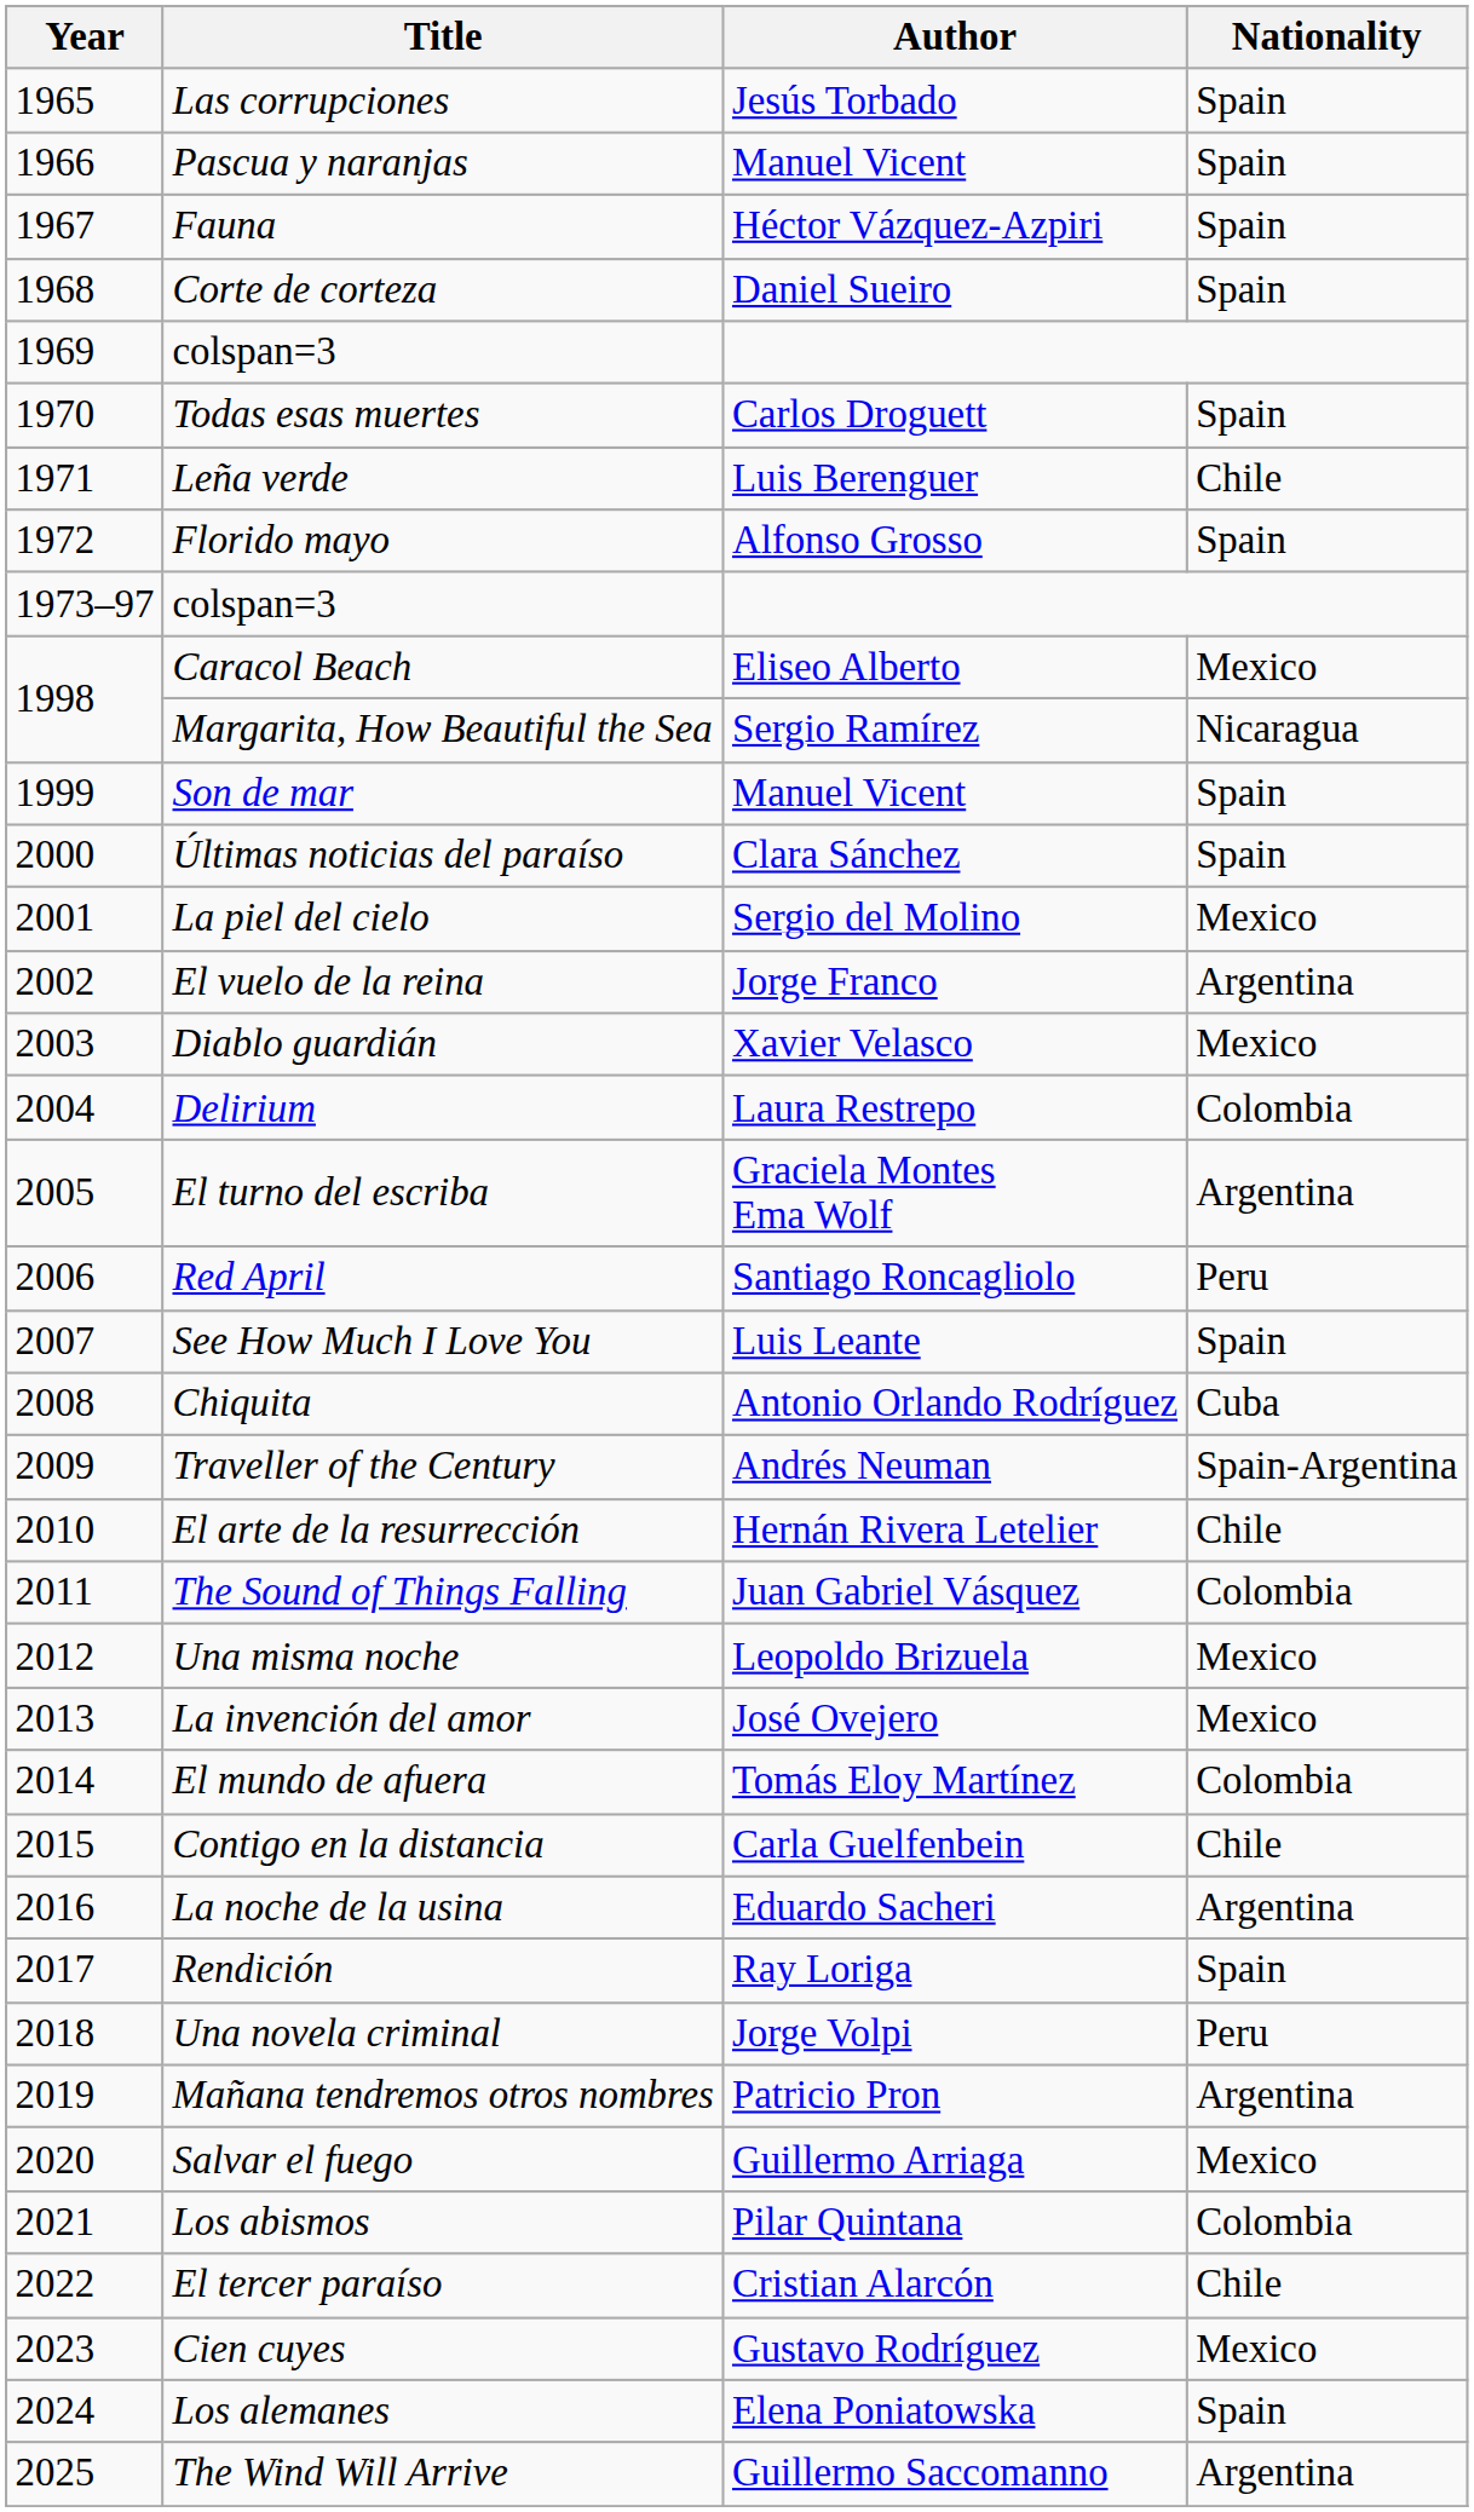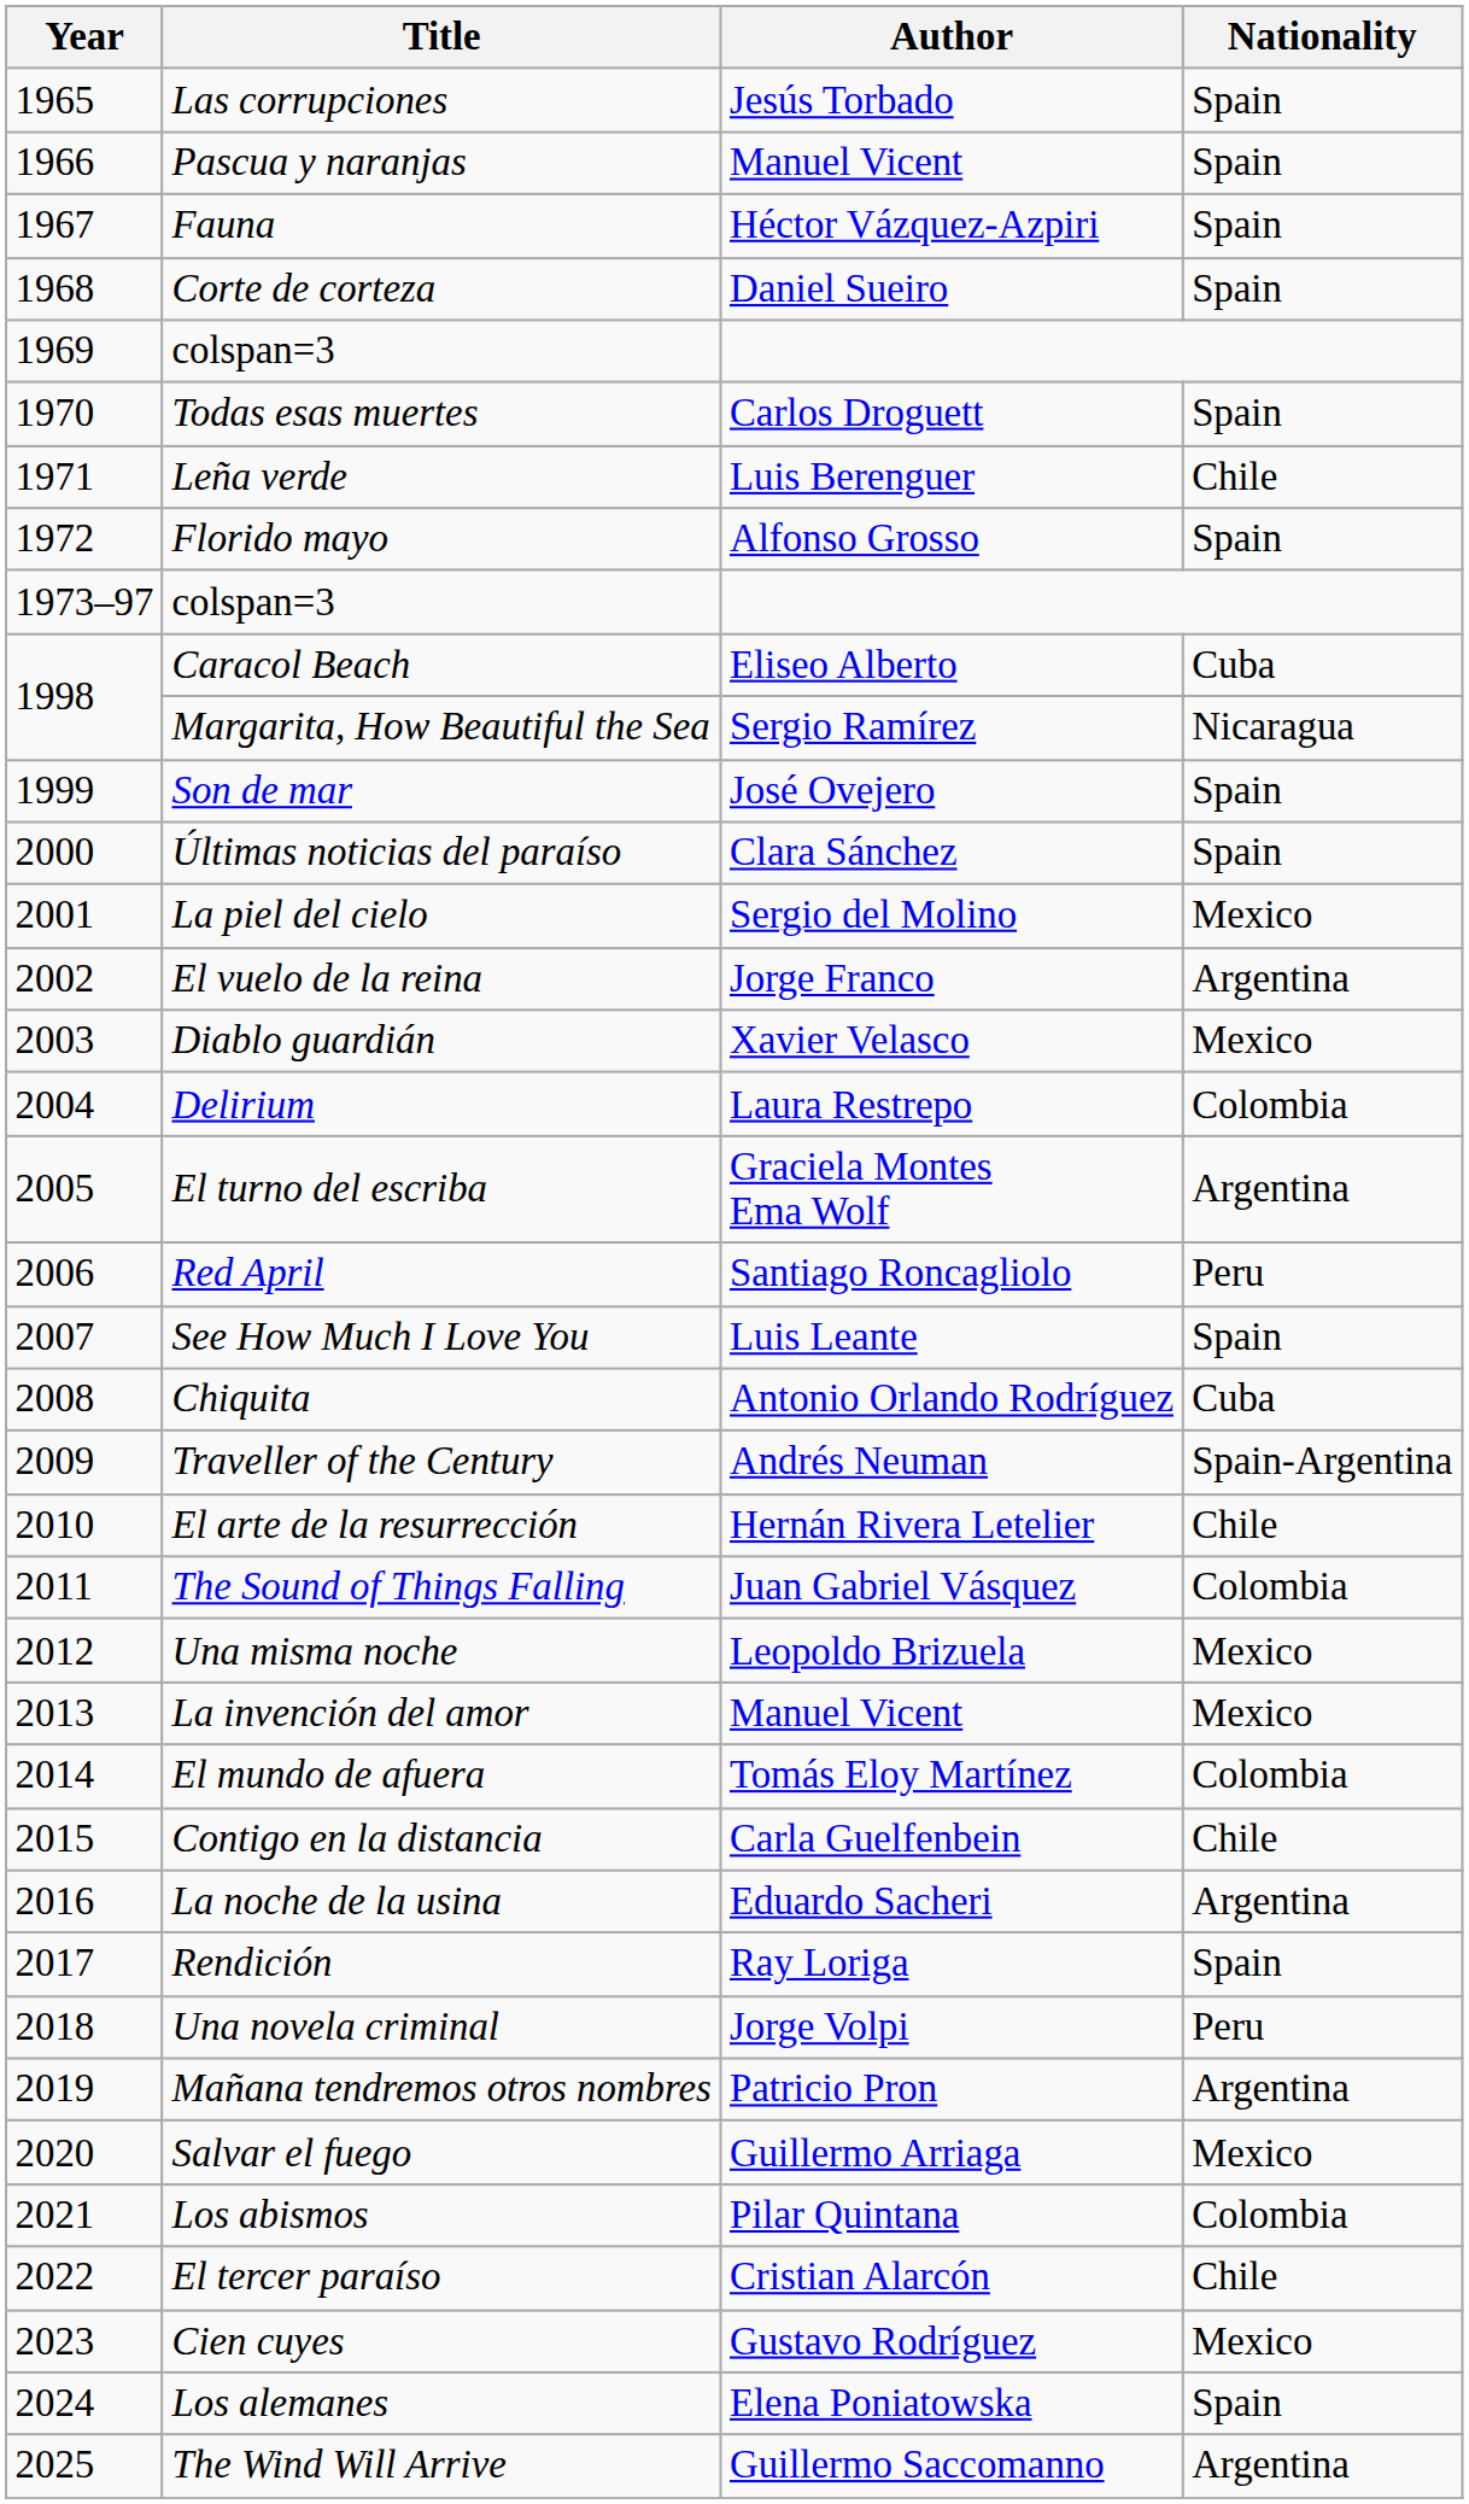 <table class="wikitable sortable">
 <tr style="background:#eee">
 <th>Year</th>
 <th>Title</th>
 <th>Author</th>
 <th>Nationality</th>
 </tr>
 <tr>
 <td>1965</td>
 <td><em>Las corrupciones</em></td>
 <td><a href='#'>Jesús Torbado</a></td>
 <td>Spain</td>
 </tr>
 <tr>
 <td>1966</td>
 <td><em>Pascua y naranjas</em></td>
 <td><a href='#'>Manuel Vicent</a></td>
 <td>Spain</td>
 </tr>
 <tr>
 <td>1967</td>
 <td><em>Fauna</em></td>
 <td><a href='#'>Héctor Vázquez-Azpiri</a></td>
 <td>Spain</td>
 </tr>
 <tr>
 <td>1968</td>
 <td><em>Corte de corteza</em></td>
 <td><a href='#'>Daniel Sueiro</a></td>
 <td>Spain</td>
 </tr>
 <tr>
 <td>1969</td>
 <td>colspan=3 </td>
 </tr>
 <tr>
 <td>1970</td>
 <td><em>Todas esas muertes</em></td>
 <td><a href='#'>Carlos Droguett</a></td>
 <td>Spain</td>
 </tr>
 <tr>
 <td>1971</td>
 <td><em>Leña verde</em></td>
 <td><a href='#'>Luis Berenguer</a></td>
 <td>Chile</td>
 </tr>
 <tr>
 <td>1972</td>
 <td><em>Florido mayo</em></td>
 <td><a href='#'>Alfonso Grosso</a></td>
 <td>Spain</td>
 </tr>
 <tr>
 <td>1973–97</td>
 <td>colspan=3 </td>
 </tr>
 <tr>
 <td rowspan=2>1998</td>
 <td><em>Caracol Beach</em></td>
 <td><a href='#'>Eliseo Alberto</a></td>
-<td>Mexico</td>
+<td>Cuba</td>
 </tr>
 <tr>
 <td><em>Margarita, How Beautiful the Sea</em></td>
 <td><a href='#'>Sergio Ramírez</a></td>
 <td>Nicaragua</td>
 </tr>
 <tr>
 <td>1999</td>
 <td><em><a href='#'>Son de mar</a></em></td>
-<td><a href='#'>Manuel Vicent</a></td>
+<td><a href='#'>José Ovejero</a></td>
 <td>Spain</td>
 </tr>
 <tr>
 <td>2000</td>
 <td><em>Últimas noticias del paraíso</em></td>
 <td><a href='#'>Clara Sánchez</a></td>
 <td>Spain</td>
 </tr>
 <tr>
 <td>2001</td>
 <td><em>La piel del cielo</em></td>
 <td><a href='#'>Sergio del Molino</a></td>
 <td>Mexico</td>
 </tr>
 <tr>
 <td>2002</td>
 <td><em>El vuelo de la reina</em></td>
 <td><a href='#'>Jorge Franco</a></td>
 <td>Argentina</td>
 </tr>
 <tr>
 <td>2003</td>
 <td><em>Diablo guardián</em></td>
 <td><a href='#'>Xavier Velasco</a></td>
 <td>Mexico</td>
 </tr>
 <tr>
 <td>2004</td>
 <td><em><a href='#'>Delirium</a></em></td>
 <td><a href='#'>Laura Restrepo</a></td>
 <td>Colombia</td>
 </tr>
 <tr>
 <td>2005</td>
 <td><em>El turno del escriba</em></td>
 <td><a href='#'>Graciela Montes</a><br><a href='#'>Ema Wolf</a></td>
 <td>Argentina</td>
 </tr>
 <tr>
 <td>2006</td>
 <td><em><a href='#'>Red April</a></em></td>
 <td><a href='#'>Santiago Roncagliolo</a></td>
 <td>Peru</td>
 </tr>
 <tr>
 <td>2007</td>
 <td><em>See How Much I Love You</em></td>
 <td><a href='#'>Luis Leante</a></td>
 <td>Spain</td>
 </tr>
 <tr>
 <td>2008</td>
 <td><em>Chiquita</em></td>
 <td><a href='#'>Antonio Orlando Rodríguez</a></td>
 <td>Cuba</td>
 </tr>
 <tr>
 <td>2009</td>
 <td><em>Traveller of the Century</em></td>
 <td><a href='#'>Andrés Neuman</a></td>
 <td>Spain-Argentina</td>
 </tr>
 <tr>
 <td>2010</td>
 <td><em>El arte de la resurrección</em></td>
 <td><a href='#'>Hernán Rivera Letelier</a></td>
 <td>Chile</td>
 </tr>
 <tr>
 <td>2011</td>
 <td><em><a href='#'>The Sound of Things Falling</a></em></td>
 <td><a href='#'>Juan Gabriel Vásquez</a></td>
 <td>Colombia</td>
 </tr>
 <tr>
 <td>2012</td>
 <td><em>Una misma noche</em></td>
 <td><a href='#'>Leopoldo Brizuela</a></td>
 <td>Mexico</td>
 </tr>
 <tr>
 <td>2013</td>
 <td><em>La invención del amor</em>  </td>
-<td><a href='#'>José Ovejero</a></td>
+<td><a href='#'>Manuel Vicent</a></td>
 <td>Mexico</td>
 </tr>
 <tr>
 <td>2014</td>
 <td><em>El mundo de afuera</em></td>
 <td><a href='#'>Tomás Eloy Martínez</a></td>
 <td>Colombia</td>
 </tr>
 <tr>
 <td>2015</td>
 <td><em>Contigo en la distancia</em></td>
 <td><a href='#'>Carla Guelfenbein</a></td>
 <td>Chile</td>
 </tr>
 <tr>
 <td>2016</td>
 <td><em>La noche de la usina</em></td>
 <td><a href='#'>Eduardo Sacheri</a></td>
 <td>Argentina</td>
 </tr>
 <tr>
 <td>2017</td>
 <td><em>Rendición</em></td>
 <td><a href='#'>Ray Loriga</a></td>
 <td>Spain</td>
 </tr>
 <tr>
 <td>2018</td>
 <td><em>Una novela criminal</em></td>
 <td><a href='#'>Jorge Volpi</a></td>
 <td>Peru</td>
 </tr>
 <tr>
 <td>2019</td>
 <td><em>Mañana tendremos otros nombres</em></td>
 <td><a href='#'>Patricio Pron</a></td>
 <td>Argentina</td>
 </tr>
 <tr>
 <td>2020</td>
 <td><em>Salvar el fuego</em></td>
 <td><a href='#'>Guillermo Arriaga</a></td>
 <td>Mexico</td>
 </tr>
 <tr>
 <td>2021</td>
 <td><em>Los abismos</em></td>
 <td><a href='#'>Pilar Quintana</a></td>
 <td>Colombia</td>
 </tr>
 <tr>
 <td>2022</td>
 <td><em>El tercer paraíso</em></td>
 <td><a href='#'>Cristian Alarcón</a></td>
 <td>Chile</td>
 </tr>
 <tr>
 <td>2023</td>
 <td><em>Cien cuyes</em></td>
 <td><a href='#'>Gustavo Rodríguez</a></td>
 <td>Mexico</td>
 </tr>
 <tr>
 <td>2024</td>
 <td><em>Los alemanes</em></td>
 <td><a href='#'>Elena Poniatowska</a></td>
 <td>Spain</td>
 </tr>
 <tr>
 <td>2025</td>
 <td><em>The Wind Will Arrive</em></td>
 <td><a href='#'>Guillermo Saccomanno</a></td>
 <td>Argentina</td>
 </tr>
 <tr>
 </tr>
 </table>
